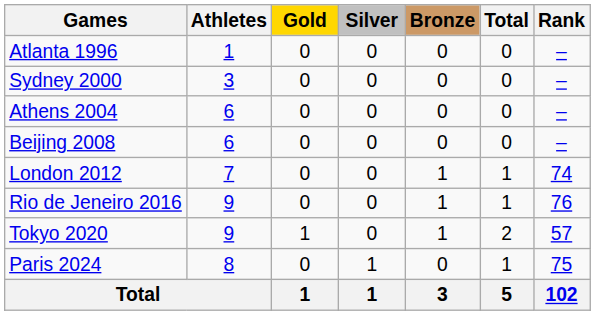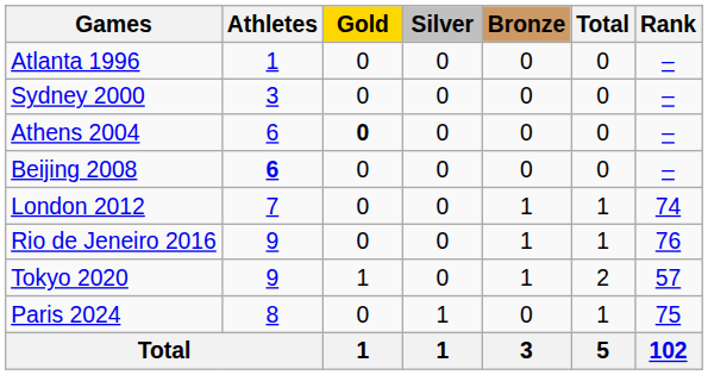 <table class="wikitable" style="text-align:center; font-size:90%;">
 <tr>
 <th>Games</th>
 <th>Athletes</th>
 <td style="background:gold; width:3em; font-weight:bold;">Gold</td>
 <td style="background:silver; width:3em; font-weight:bold;">Silver</td>
 <td style="background:#cc9966; width:3em; font-weight:bold;">Bronze</td>
 <th style=" font-weight:bold;">Total</th>
 <th style=" font-weight:bold;">Rank</th>
 </tr>
 <tr>
 <td align=left> <a href='#'>Atlanta 1996</a></td>
 <td><a href='#'>1</a></td>
 <td>0</td>
 <td>0</td>
 <td>0</td>
 <td>0</td>
 <td><a href='#'>–</a></td>
 </tr>
 <tr>
 <td align=left> <a href='#'>Sydney 2000</a></td>
 <td><a href='#'>3</a></td>
 <td>0</td>
 <td>0</td>
 <td>0</td>
 <td>0</td>
 <td><a href='#'>–</a></td>
 </tr>
 <tr>
 <td align=left> <a href='#'>Athens 2004</a></td>
 <td><a href='#'>6</a></td>
-<td>0</td>
+<td><strong>0</strong></td>
 <td>0</td>
 <td>0</td>
 <td>0</td>
 <td><a href='#'>–</a></td>
 </tr>
 <tr>
 <td align=left> <a href='#'>Beijing 2008</a></td>
-<td><a href='#'>6</a></td>
+<td><strong><a href='#'>6</a></strong></td>
 <td>0</td>
 <td>0</td>
 <td>0</td>
 <td>0</td>
 <td><a href='#'>–</a></td>
 </tr>
 <tr>
 <td align=left> <a href='#'>London 2012</a></td>
 <td><a href='#'>7</a></td>
 <td>0</td>
 <td>0</td>
 <td>1</td>
 <td>1</td>
 <td><a href='#'>74</a></td>
 </tr>
 <tr>
 <td align=left> <a href='#'>Rio de Jeneiro 2016</a></td>
 <td><a href='#'>9</a></td>
 <td>0</td>
 <td>0</td>
 <td>1</td>
 <td>1</td>
 <td><a href='#'>76</a></td>
 </tr>
 <tr>
 <td align=left> <a href='#'>Tokyo 2020</a></td>
 <td><a href='#'>9</a></td>
 <td>1</td>
 <td>0</td>
 <td>1</td>
 <td>2</td>
 <td><a href='#'>57</a></td>
 </tr>
 <tr>
 <td align=left> <a href='#'>Paris 2024</a></td>
 <td><a href='#'>8</a></td>
 <td>0</td>
 <td>1</td>
 <td>0</td>
 <td>1</td>
 <td><a href='#'>75</a></td>
 </tr>
 <tr>
 <th colspan=2>Total</th>
 <th>1</th>
 <th>1</th>
 <th>3</th>
 <th>5</th>
 <th><a href='#'>102</a></th>
 </tr>
 </table>
